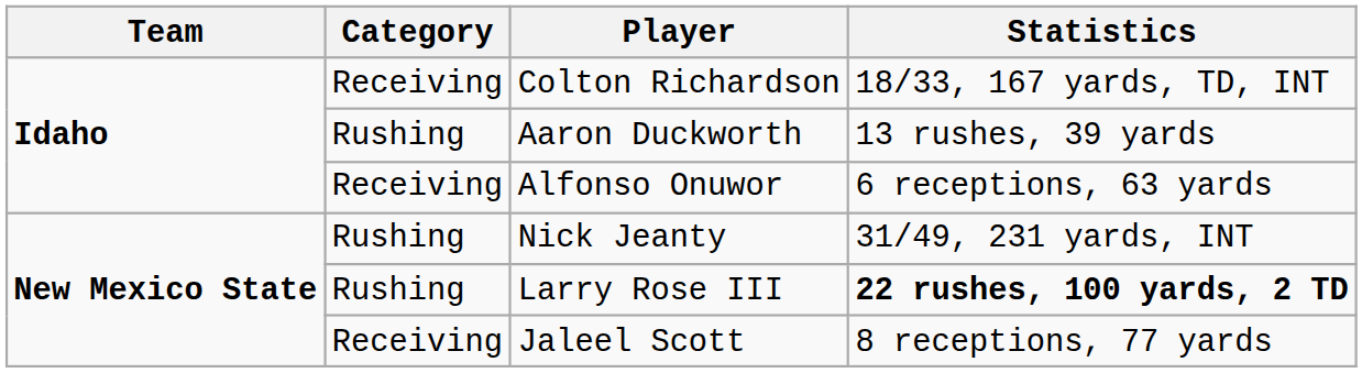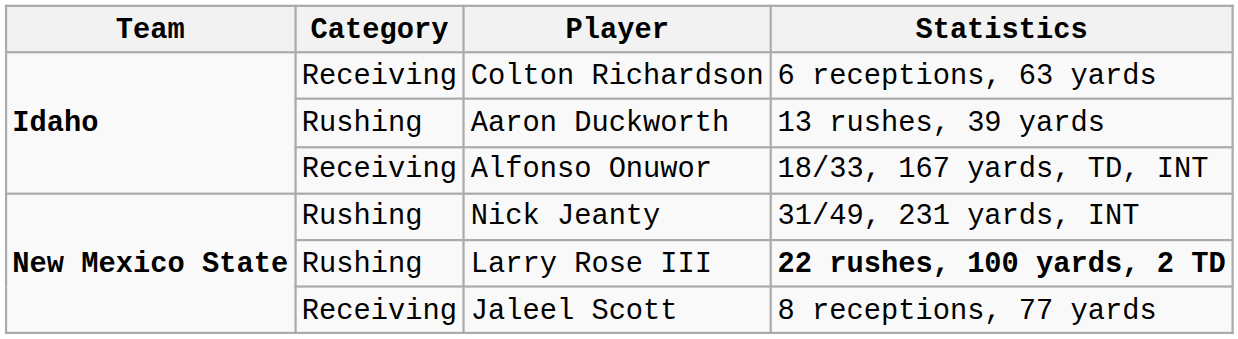 <table class="wikitable" style="float: right;">
 <tr>
 <th>Team</th>
 <th>Category</th>
 <th>Player</th>
 <th>Statistics</th>
 </tr>
 <tr>
 <td rowspan=3><strong>Idaho</strong></td>
 <td>Receiving</td>
 <td>Colton Richardson</td>
-<td>18/33, 167 yards, TD, INT</td>
+<td>6 receptions, 63 yards</td>
 </tr>
 <tr>
 <td>Rushing</td>
 <td>Aaron Duckworth</td>
 <td>13 rushes, 39 yards</td>
 </tr>
 <tr>
 <td>Receiving</td>
 <td>Alfonso Onuwor</td>
-<td>6 receptions, 63 yards</td>
+<td>18/33, 167 yards, TD, INT</td>
 </tr>
 <tr>
 <td rowspan=3><strong>New Mexico State</strong></td>
 <td>Rushing</td>
 <td>Nick Jeanty</td>
 <td>31/49, 231 yards, INT</td>
 </tr>
 <tr>
 <td>Rushing</td>
 <td>Larry Rose III</td>
 <td><strong>22 rushes, 100 yards, 2 TD</strong></td>
 </tr>
 <tr>
 <td>Receiving</td>
 <td>Jaleel Scott</td>
 <td>8 receptions, 77 yards</td>
 </tr>
 </table>
